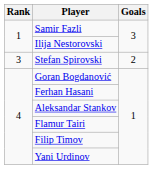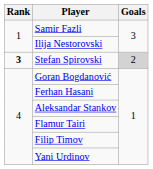 <table class="wikitable">
 <tr>
 <th>Rank</th>
 <th>Player</th>
 <th>Goals</th>
 </tr>
 <tr>
 <td align=center rowspan=2>1</td>
 <td><a href='#'>Samir Fazli</a></td>
 <td align=center rowspan=2>3</td>
 </tr>
 <tr>
 <td><a href='#'>Ilija Nestorovski</a></td>
 </tr>
 <tr>
-<td align=center>3</td>
+<td align=center><strong>3</strong></td>
 <td><a href='#'>Stefan Spirovski</a></td>
-<td align=center>2</td>
+<td align=center style="background: lightgrey;">2</td>
 </tr>
 <tr>
 <td align=center rowspan=6>4</td>
 <td><a href='#'>Goran Bogdanović</a></td>
 <td align=center rowspan=6>1</td>
 </tr>
 <tr>
 <td><a href='#'>Ferhan Hasani</a></td>
 </tr>
 <tr>
 <td><a href='#'>Aleksandar Stankov</a></td>
 </tr>
 <tr>
 <td><a href='#'>Flamur Tairi</a></td>
 </tr>
 <tr>
 <td><a href='#'>Filip Timov</a></td>
 </tr>
 <tr>
 <td><a href='#'>Yani Urdinov</a></td>
 </tr>
 </table>
